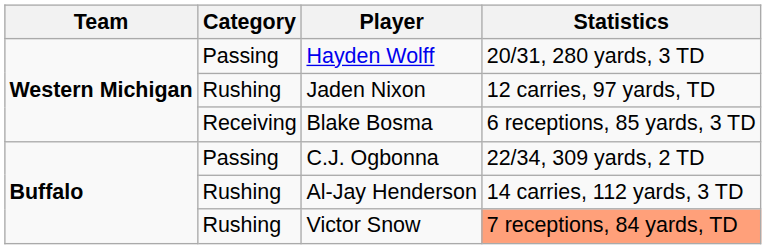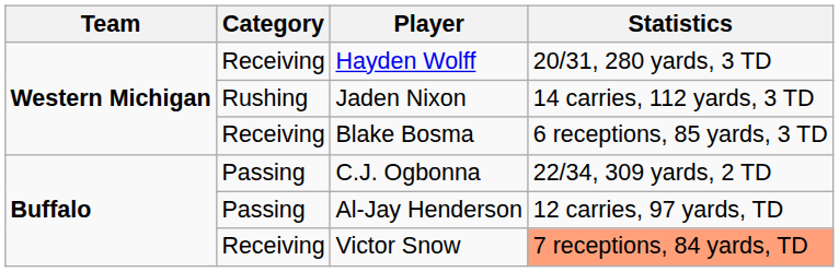 <table class="wikitable" style="float: right;">
 <tr>
 <th>Team</th>
 <th>Category</th>
 <th>Player</th>
 <th>Statistics</th>
 </tr>
 <tr>
 <td rowspan=3><strong>Western Michigan</strong></td>
-<td>Passing</td>
+<td>Receiving</td>
 <td><a href='#'>Hayden Wolff</a></td>
 <td>20/31, 280 yards, 3 TD</td>
 </tr>
 <tr>
 <td>Rushing</td>
 <td>Jaden Nixon</td>
-<td>12 carries, 97 yards, TD</td>
+<td>14 carries, 112 yards, 3 TD</td>
 </tr>
 <tr>
 <td>Receiving</td>
 <td>Blake Bosma</td>
 <td>6 receptions, 85 yards, 3 TD</td>
 </tr>
 <tr>
 <td rowspan=3><strong>Buffalo</strong></td>
 <td>Passing</td>
 <td>C.J. Ogbonna</td>
 <td>22/34, 309 yards, 2 TD</td>
 </tr>
 <tr>
-<td>Rushing</td>
+<td>Passing</td>
 <td>Al-Jay Henderson</td>
-<td>14 carries, 112 yards, 3 TD</td>
+<td>12 carries, 97 yards, TD</td>
 </tr>
 <tr>
-<td>Rushing</td>
+<td>Receiving</td>
 <td>Victor Snow</td>
 <td style="background: lightsalmon;">7 receptions, 84 yards, TD</td>
 </tr>
 </table>
